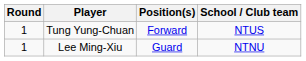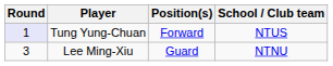 <table class="wikitable sortable sortable">
 <tr>
 <th>Round</th>
 <th>Player</th>
 <th>Position(s)</th>
 <th>School / Club team</th>
 </tr>
 <tr style="text-align: center">
-<td>1</td>
+<td style="background: lavender;">1</td>
 <td>Tung Yung-Chuan</td>
 <td><a href='#'>Forward</a></td>
 <td><a href='#'>NTUS</a></td>
 </tr>
 <tr style="text-align: center">
-<td>1</td>
+<td>3</td>
 <td>Lee Ming-Xiu</td>
 <td><a href='#'>Guard</a></td>
 <td><a href='#'>NTNU</a></td>
 </tr>
 </table>
